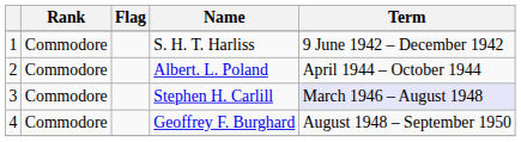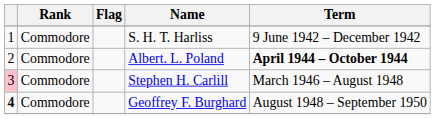 <table class="wikitable">
 <tr>
 <th></th>
 <th>Rank</th>
 <th>Flag</th>
 <th>Name</th>
 <th>Term</th>
 </tr>
 <tr>
 </tr>
 <tr>
 <td>1</td>
 <td>Commodore</td>
 <td></td>
 <td>S. H. T. Harliss</td>
 <td>9 June 1942 – December 1942</td>
 </tr>
 <tr>
 <td>2</td>
 <td>Commodore</td>
 <td></td>
 <td><a href='#'>Albert. L. Poland</a></td>
-<td>April 1944 – October 1944</td>
+<td><strong>April 1944 – October 1944</strong></td>
 </tr>
 <tr>
-<td>3</td>
+<td style="background: pink;">3</td>
 <td>Commodore</td>
 <td></td>
 <td><a href='#'>Stephen H. Carlill</a></td>
-<td style="background: lavender;">March 1946 – August 1948</td>
+<td>March 1946 – August 1948</td>
 </tr>
 <tr>
-<td>4</td>
+<td><strong>4</strong></td>
 <td>Commodore</td>
 <td></td>
 <td><a href='#'>Geoffrey F. Burghard</a></td>
 <td>August 1948 – September 1950</td>
 </tr>
 <tr>
 </tr>
 </table>
